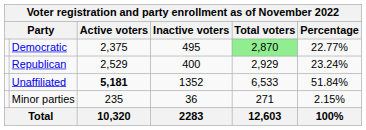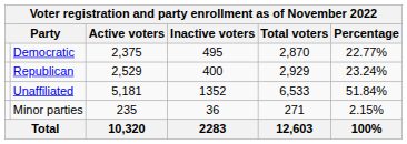 <table class=wikitable>
 <tr>
 <th colspan = 6>Voter registration and party enrollment as of November 2022</th>
 </tr>
 <tr>
 <th colspan = 2>Party</th>
 <th>Active voters</th>
 <th>Inactive voters</th>
 <th>Total voters</th>
 <th>Percentage</th>
 </tr>
 <tr>
 <td></td>
 <td><a href='#'>Democratic</a></td>
 <td align = center>2,375</td>
 <td align = center>495</td>
-<td align = center style="background: lightgreen;">2,870</td>
+<td align = center>2,870</td>
 <td align = center>22.77%</td>
 </tr>
 <tr>
 <td></td>
 <td><a href='#'>Republican</a></td>
 <td align = center>2,529</td>
 <td align = center>400</td>
 <td align = center>2,929</td>
 <td align = center>23.24%</td>
 </tr>
 <tr>
 <td></td>
 <td><a href='#'>Unaffiliated</a></td>
-<td align = center><strong>5,181</strong></td>
+<td align = center>5,181</td>
 <td align = center>1352</td>
 <td align = center>6,533</td>
 <td align = center>51.84%</td>
 </tr>
 <tr>
 <td></td>
 <td>Minor parties</td>
 <td align = center>235</td>
 <td align = center>36</td>
 <td align = center>271</td>
 <td align = center>2.15%</td>
 </tr>
 <tr>
 <th colspan = 2>Total</th>
 <th align = center>10,320</th>
 <th align = center>2283</th>
 <th align = center>12,603</th>
 <th align = center>100%</th>
 </tr>
 </table>
